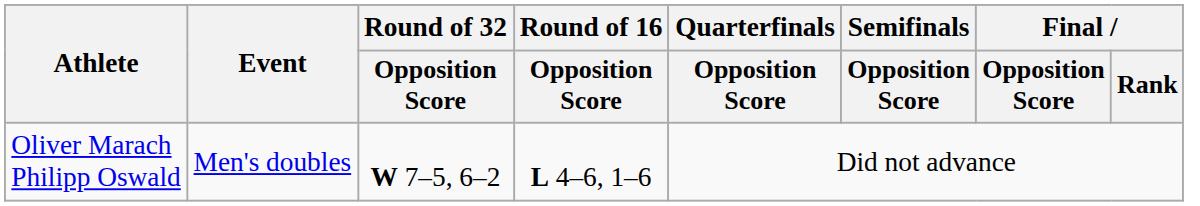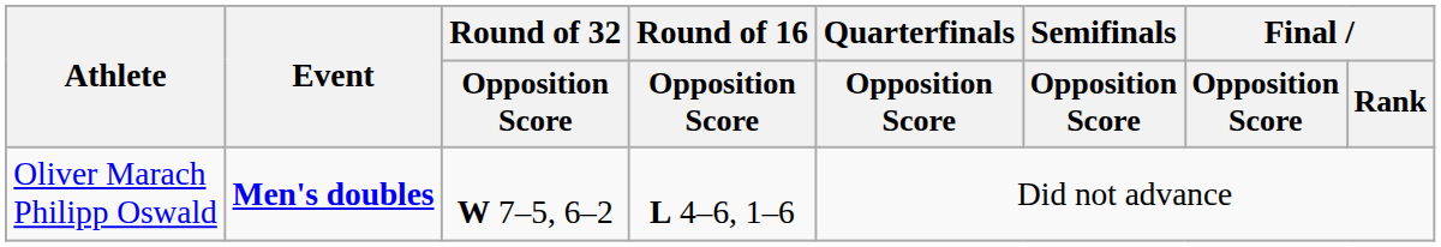 <table class=wikitable style=font-size:90%>
 <tr>
 <th rowspan="2">Athlete</th>
 <th rowspan="2">Event</th>
 <th>Round of 32</th>
 <th>Round of 16</th>
 <th>Quarterfinals</th>
 <th>Semifinals</th>
 <th colspan=2>Final / </th>
 </tr>
 <tr style=font-size:95%>
 <th>Opposition<br>Score</th>
 <th>Opposition<br>Score</th>
 <th>Opposition<br>Score</th>
 <th>Opposition<br>Score</th>
 <th>Opposition<br>Score</th>
 <th>Rank</th>
 </tr>
 <tr align=center>
 <td align=left><a href='#'>Oliver Marach</a><br><a href='#'>Philipp Oswald</a></td>
-<td align=left><a href='#'>Men's doubles</a></td>
+<td align=left><strong><a href='#'>Men's doubles</a></strong></td>
 <td><br><strong>W</strong> 7–5, 6–2</td>
 <td><br><strong>L</strong> 4–6, 1–6</td>
 <td colspan=4>Did not advance</td>
 </tr>
 </table>
